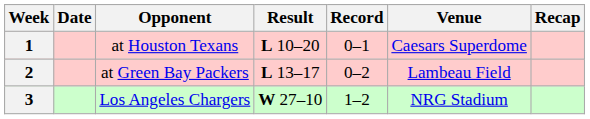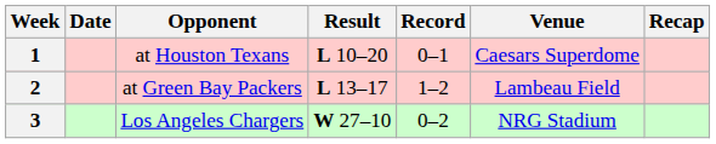 <table class="wikitable" style="text-align:center">
 <tr>
 <th>Week</th>
 <th>Date</th>
 <th>Opponent</th>
 <th>Result</th>
 <th>Record</th>
 <th>Venue</th>
 <th>Recap</th>
 </tr>
 <tr style="background:#fcc">
 <th>1</th>
 <td></td>
 <td>at <a href='#'>Houston Texans</a></td>
 <td><strong>L</strong> 10–20</td>
 <td>0–1</td>
 <td><a href='#'>Caesars Superdome</a></td>
 <td></td>
 </tr>
 <tr style="background:#fcc">
 <th>2</th>
 <td></td>
 <td>at <a href='#'>Green Bay Packers</a></td>
 <td><strong>L</strong> 13–17</td>
-<td>0–2</td>
+<td>1–2</td>
 <td><a href='#'>Lambeau Field</a></td>
 <td></td>
 </tr>
 <tr style="background:#cfc">
 <th>3</th>
 <td></td>
 <td><a href='#'>Los Angeles Chargers</a></td>
 <td><strong>W</strong> 27–10</td>
-<td>1–2</td>
+<td>0–2</td>
 <td><a href='#'>NRG Stadium</a></td>
 <td></td>
 </tr>
 </table>
